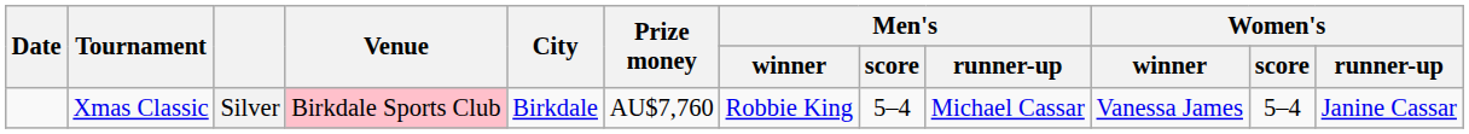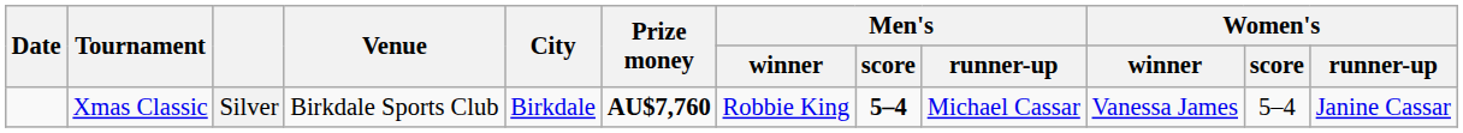 <table class="wikitable sortable" style="font-size: 85%">
 <tr>
 <th class=unsortable rowspan="2">Date</th>
 <th rowspan="2">Tournament</th>
 <th rowspan="2"></th>
 <th rowspan="2">Venue</th>
 <th rowspan="2">City</th>
 <th rowspan="2" class=unsortable>Prize<br>money</th>
 <th colspan="3">Men's</th>
 <th colspan="3">Women's</th>
 </tr>
 <tr>
 <th>winner</th>
 <th class=unsortable>score</th>
 <th>runner-up</th>
 <th>winner</th>
 <th class=unsortable>score</th>
 <th>runner-up</th>
 </tr>
 <tr>
 <td></td>
 <td><a href='#'>Xmas Classic</a></td>
 <td bgcolor="f2f2f2" align="center">Silver</td>
-<td style="background: pink;">Birkdale Sports Club</td>
+<td>Birkdale Sports Club</td>
 <td> <a href='#'>Birkdale</a></td>
-<td>AU$7,760</td>
+<td><strong>AU$7,760</strong></td>
 <td> <a href='#'>Robbie King</a></td>
-<td align="center">5–4</td>
+<td align="center"><strong>5–4</strong></td>
 <td> <a href='#'>Michael Cassar</a></td>
 <td> <a href='#'>Vanessa James</a></td>
 <td align="center">5–4</td>
 <td> <a href='#'>Janine Cassar</a></td>
 </tr>
 </table>
